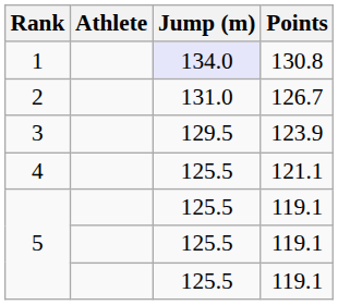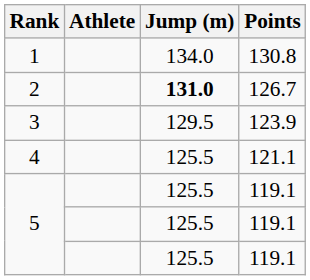 <table class="wikitable">
 <tr>
 <th>Rank</th>
 <th>Athlete</th>
 <th>Jump (m)</th>
 <th>Points</th>
 </tr>
 <tr>
 <td align=center>1</td>
 <td align=left></td>
-<td align=center style="background: lavender;">134.0</td>
+<td align=center>134.0</td>
 <td align=center>130.8</td>
 </tr>
 <tr>
 <td align=center>2</td>
 <td align=left></td>
-<td align=center>131.0</td>
+<td align=center><strong>131.0</strong></td>
 <td align=center>126.7</td>
 </tr>
 <tr>
 <td align=center>3</td>
 <td align=left></td>
 <td align=center>129.5</td>
 <td align=center>123.9</td>
 </tr>
 <tr>
 <td align=center>4</td>
 <td align=left></td>
 <td align=center>125.5</td>
 <td align=center>121.1</td>
 </tr>
 <tr>
 <td align=center rowspan="3">5</td>
 <td align=left></td>
 <td align=center>125.5</td>
 <td align=center>119.1</td>
 </tr>
 <tr>
 <td align=left></td>
 <td align=center>125.5</td>
 <td align=center>119.1</td>
 </tr>
 <tr>
 <td align=left></td>
 <td align=center>125.5</td>
 <td align=center>119.1</td>
 </tr>
 </table>
